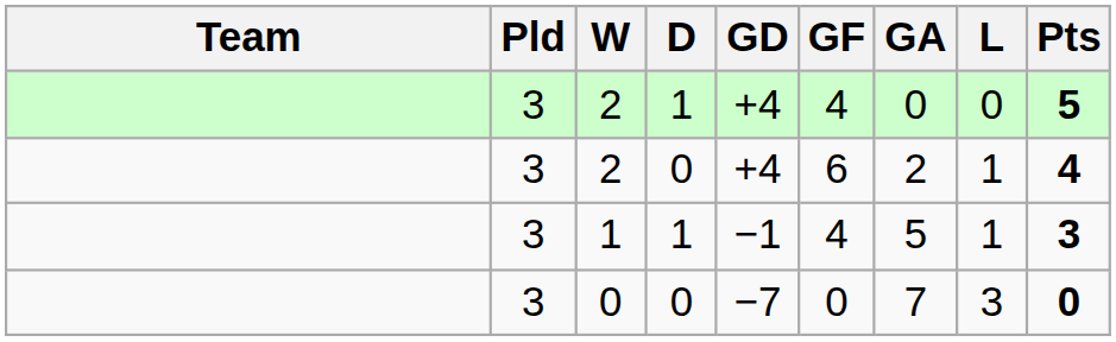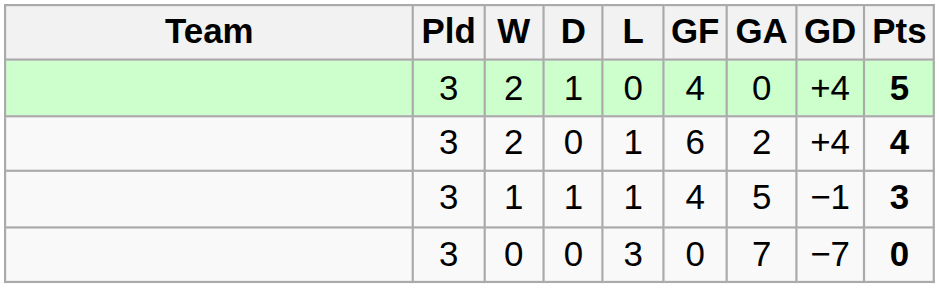 <table class="wikitable" style="text-align:center;">
 <tr>
 <th width=180>Team</th>
 <th width=20>Pld</th>
 <th width=20>W</th>
 <th width=20>D</th>
-<th width=20>GD</th>
+<th width=20>L</th>
 <th width=20>GF</th>
 <th width=20>GA</th>
-<th width=20>L</th>
+<th width=20>GD</th>
 <th width=20>Pts</th>
 </tr>
 <tr bgcolor="ccffcc">
 <td align="left"></td>
 <td>3</td>
 <td>2</td>
 <td>1</td>
-<td>+4</td>
+<td>0</td>
 <td>4</td>
 <td>0</td>
-<td>0</td>
+<td>+4</td>
 <td><strong>5</strong></td>
 </tr>
 <tr>
 <td align="left"></td>
 <td>3</td>
 <td>2</td>
 <td>0</td>
-<td>+4</td>
+<td>1</td>
 <td>6</td>
 <td>2</td>
-<td>1</td>
+<td>+4</td>
 <td><strong>4</strong></td>
 </tr>
 <tr>
 <td align="left"></td>
 <td>3</td>
 <td>1</td>
 <td>1</td>
-<td>−1</td>
+<td>1</td>
 <td>4</td>
 <td>5</td>
-<td>1</td>
+<td>−1</td>
 <td><strong>3</strong></td>
 </tr>
 <tr>
 <td align="left"></td>
 <td>3</td>
 <td>0</td>
 <td>0</td>
-<td>−7</td>
+<td>3</td>
 <td>0</td>
 <td>7</td>
-<td>3</td>
+<td>−7</td>
 <td><strong>0</strong></td>
 </tr>
 </table>
